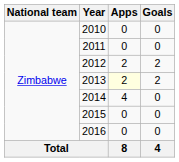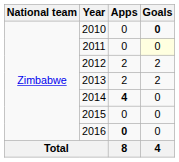 <table class="wikitable" style="text-align:center">
 <tr>
 <th>National team</th>
 <th>Year</th>
 <th>Apps</th>
 <th>Goals</th>
 </tr>
 <tr>
 <td rowspan="7"><a href='#'>Zimbabwe</a></td>
 <td>2010</td>
 <td>0</td>
-<td>0</td>
+<td><strong>0</strong></td>
 </tr>
 <tr>
 <td>2011</td>
 <td>0</td>
-<td>0</td>
+<td style="background: lightyellow;">0</td>
 </tr>
 <tr>
 <td>2012</td>
 <td>2</td>
 <td>2</td>
 </tr>
 <tr>
 <td>2013</td>
-<td style="background: lightyellow;">2</td>
+<td>2</td>
 <td>2</td>
 </tr>
 <tr>
 <td>2014</td>
-<td>4</td>
+<td><strong>4</strong></td>
 <td>0</td>
 </tr>
 <tr>
 <td>2015</td>
 <td>0</td>
 <td>0</td>
 </tr>
 <tr>
 <td>2016</td>
-<td>0</td>
+<td><strong>0</strong></td>
 <td>0</td>
 </tr>
 <tr>
 <th colspan=2>Total</th>
 <th>8</th>
 <th>4</th>
 </tr>
 </table>
